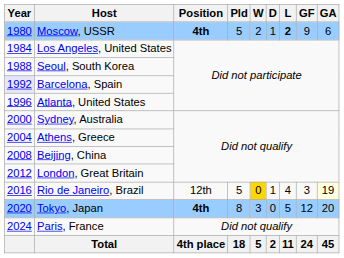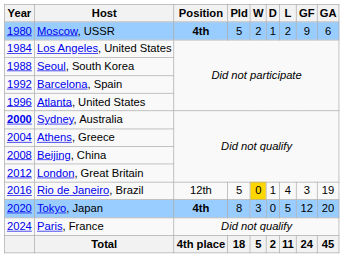 <table class="wikitable" style="text-align: center;">
 <tr>
 <th>Year</th>
 <th>Host</th>
 <th>Position</th>
 <th>Pld</th>
 <th>W</th>
 <th>D</th>
 <th>L</th>
 <th>GF</th>
 <th>GA</th>
 </tr>
 <tr style="background:#9acdff;">
 <td><a href='#'>1980</a></td>
 <td align=left> <a href='#'>Moscow</a>, USSR</td>
 <td><strong>4th</strong></td>
 <td>5</td>
 <td>2</td>
 <td>1</td>
-<td><strong>2</strong></td>
+<td>2</td>
 <td>9</td>
 <td>6</td>
 </tr>
 <tr>
 <td><a href='#'>1984</a></td>
 <td align=left> <a href='#'>Los Angeles</a>, United States</td>
 <td rowspan=4 colspan=7><em>Did not participate</em></td>
 </tr>
 <tr>
 <td><a href='#'>1988</a></td>
 <td align=left> <a href='#'>Seoul</a>, South Korea</td>
 </tr>
 <tr>
-<td style="background: lavender;"><a href='#'>1992</a></td>
+<td><a href='#'>1992</a></td>
 <td align=left> <a href='#'>Barcelona</a>, Spain</td>
 </tr>
 <tr>
 <td><a href='#'>1996</a></td>
 <td align=left> <a href='#'>Atlanta</a>, United States</td>
 </tr>
 <tr>
-<td><a href='#'>2000</a></td>
+<td><strong><a href='#'>2000</a></strong></td>
 <td align=left> <a href='#'>Sydney</a>, Australia</td>
 <td rowspan=4 colspan=7><em>Did not qualify</em></td>
 </tr>
 <tr>
 <td><a href='#'>2004</a></td>
 <td align=left> <a href='#'>Athens</a>, Greece</td>
 </tr>
 <tr>
 <td><a href='#'>2008</a></td>
 <td align=left> <a href='#'>Beijing</a>, China</td>
 </tr>
 <tr>
 <td><a href='#'>2012</a></td>
 <td align=left> <a href='#'>London</a>, Great Britain</td>
 </tr>
 <tr>
 <td><a href='#'>2016</a></td>
 <td align=left> <a href='#'>Rio de Janeiro</a>, Brazil</td>
 <td>12th</td>
 <td>5</td>
 <td style="background: gold;">0</td>
 <td>1</td>
 <td>4</td>
 <td>3</td>
-<td style="background: lightyellow;">19</td>
+<td>19</td>
 </tr>
 <tr style="background:#9acdff;">
 <td><a href='#'>2020</a></td>
 <td align=left> <a href='#'>Tokyo</a>, Japan</td>
 <td><strong>4th</strong></td>
 <td>8</td>
 <td>3</td>
 <td>0</td>
 <td>5</td>
 <td>12</td>
 <td>20</td>
 </tr>
 <tr>
 <td><a href='#'>2024</a></td>
 <td align=left> <a href='#'>Paris</a>, France</td>
 <td colspan=7><em>Did not qualify</em></td>
 </tr>
 <tr>
 <th></th>
 <th>Total</th>
 <th><strong>4th place</strong></th>
 <th>18</th>
 <th>5</th>
 <th>2</th>
 <th>11</th>
 <th>24</th>
 <th>45</th>
 </tr>
 </table>
